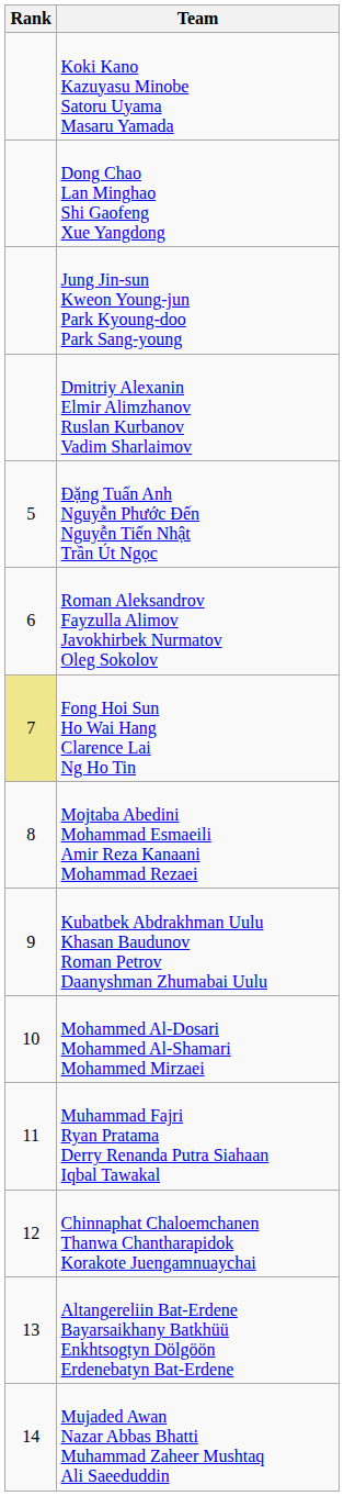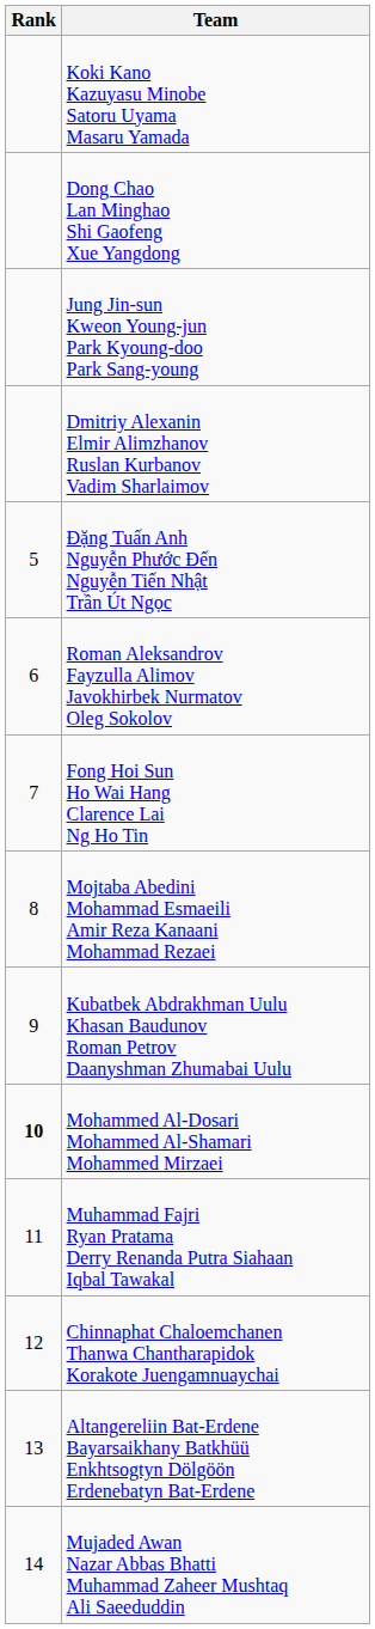 <table class="wikitable" style="text-align: center;">
 <tr>
 <th width=40>Rank</th>
 <th width=250>Team</th>
 </tr>
 <tr>
 <td></td>
 <td align=left><br><a href='#'>Koki Kano</a><br><a href='#'>Kazuyasu Minobe</a><br><a href='#'>Satoru Uyama</a><br><a href='#'>Masaru Yamada</a></td>
 </tr>
 <tr>
 <td></td>
 <td align=left><br><a href='#'>Dong Chao</a><br><a href='#'>Lan Minghao</a><br><a href='#'>Shi Gaofeng</a><br><a href='#'>Xue Yangdong</a></td>
 </tr>
 <tr>
 <td></td>
 <td align=left><br><a href='#'>Jung Jin-sun</a><br><a href='#'>Kweon Young-jun</a><br><a href='#'>Park Kyoung-doo</a><br><a href='#'>Park Sang-young</a></td>
 </tr>
 <tr>
 <td></td>
 <td align=left><br><a href='#'>Dmitriy Alexanin</a><br><a href='#'>Elmir Alimzhanov</a><br><a href='#'>Ruslan Kurbanov</a><br><a href='#'>Vadim Sharlaimov</a></td>
 </tr>
 <tr>
 <td>5</td>
 <td align=left><br><a href='#'>Đặng Tuấn Anh</a><br><a href='#'>Nguyễn Phước Đến</a><br><a href='#'>Nguyễn Tiến Nhật</a><br><a href='#'>Trần Út Ngọc</a></td>
 </tr>
 <tr>
 <td>6</td>
 <td align=left><br><a href='#'>Roman Aleksandrov</a><br><a href='#'>Fayzulla Alimov</a><br><a href='#'>Javokhirbek Nurmatov</a><br><a href='#'>Oleg Sokolov</a></td>
 </tr>
 <tr>
-<td style="background: khaki;">7</td>
+<td>7</td>
 <td align=left><br><a href='#'>Fong Hoi Sun</a><br><a href='#'>Ho Wai Hang</a><br><a href='#'>Clarence Lai</a><br><a href='#'>Ng Ho Tin</a></td>
 </tr>
 <tr>
 <td>8</td>
 <td align=left><br><a href='#'>Mojtaba Abedini</a><br><a href='#'>Mohammad Esmaeili</a><br><a href='#'>Amir Reza Kanaani</a><br><a href='#'>Mohammad Rezaei</a></td>
 </tr>
 <tr>
 <td>9</td>
 <td align=left><br><a href='#'>Kubatbek Abdrakhman Uulu</a><br><a href='#'>Khasan Baudunov</a><br><a href='#'>Roman Petrov</a><br><a href='#'>Daanyshman Zhumabai Uulu</a></td>
 </tr>
 <tr>
-<td>10</td>
+<td><strong>10</strong></td>
 <td align=left><br><a href='#'>Mohammed Al-Dosari</a><br><a href='#'>Mohammed Al-Shamari</a><br><a href='#'>Mohammed Mirzaei</a></td>
 </tr>
 <tr>
 <td>11</td>
 <td align=left><br><a href='#'>Muhammad Fajri</a><br><a href='#'>Ryan Pratama</a><br><a href='#'>Derry Renanda Putra Siahaan</a><br><a href='#'>Iqbal Tawakal</a></td>
 </tr>
 <tr>
 <td>12</td>
 <td align=left><br><a href='#'>Chinnaphat Chaloemchanen</a><br><a href='#'>Thanwa Chantharapidok</a><br><a href='#'>Korakote Juengamnuaychai</a></td>
 </tr>
 <tr>
 <td>13</td>
 <td align=left><br><a href='#'>Altangereliin Bat-Erdene</a><br><a href='#'>Bayarsaikhany Batkhüü</a><br><a href='#'>Enkhtsogtyn Dölgöön</a><br><a href='#'>Erdenebatyn Bat-Erdene</a></td>
 </tr>
 <tr>
 <td>14</td>
 <td align=left><br><a href='#'>Mujaded Awan</a><br><a href='#'>Nazar Abbas Bhatti</a><br><a href='#'>Muhammad Zaheer Mushtaq</a><br><a href='#'>Ali Saeeduddin</a></td>
 </tr>
 </table>
